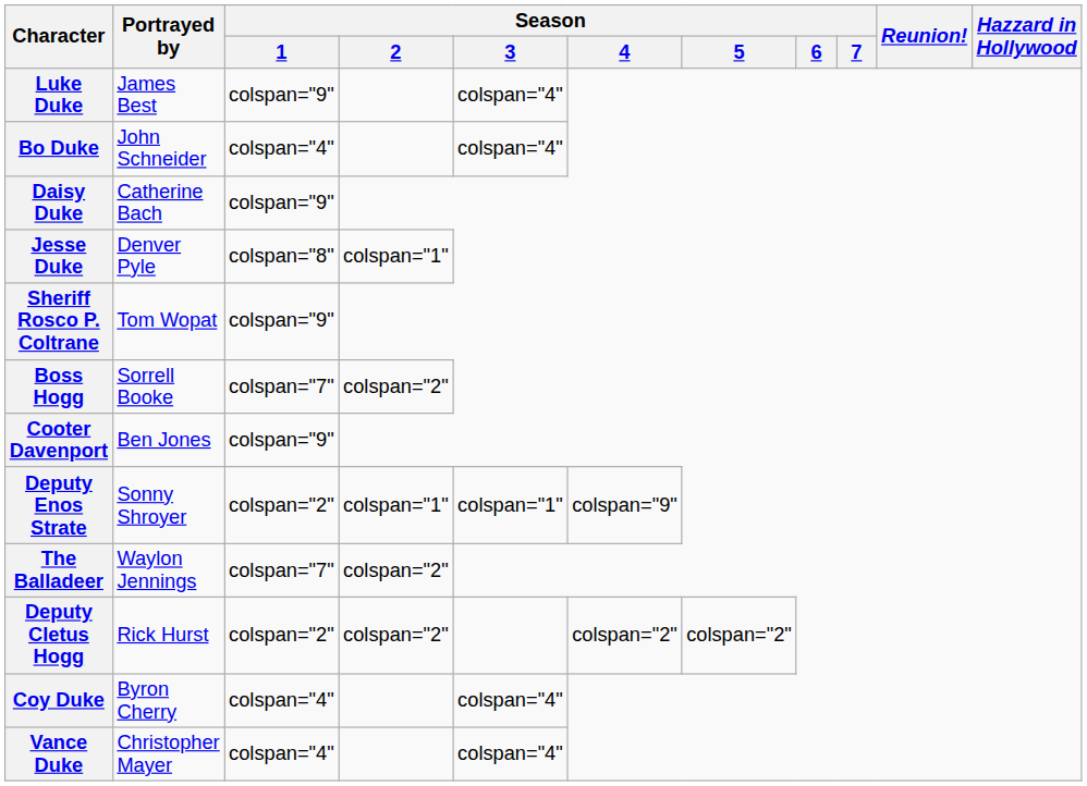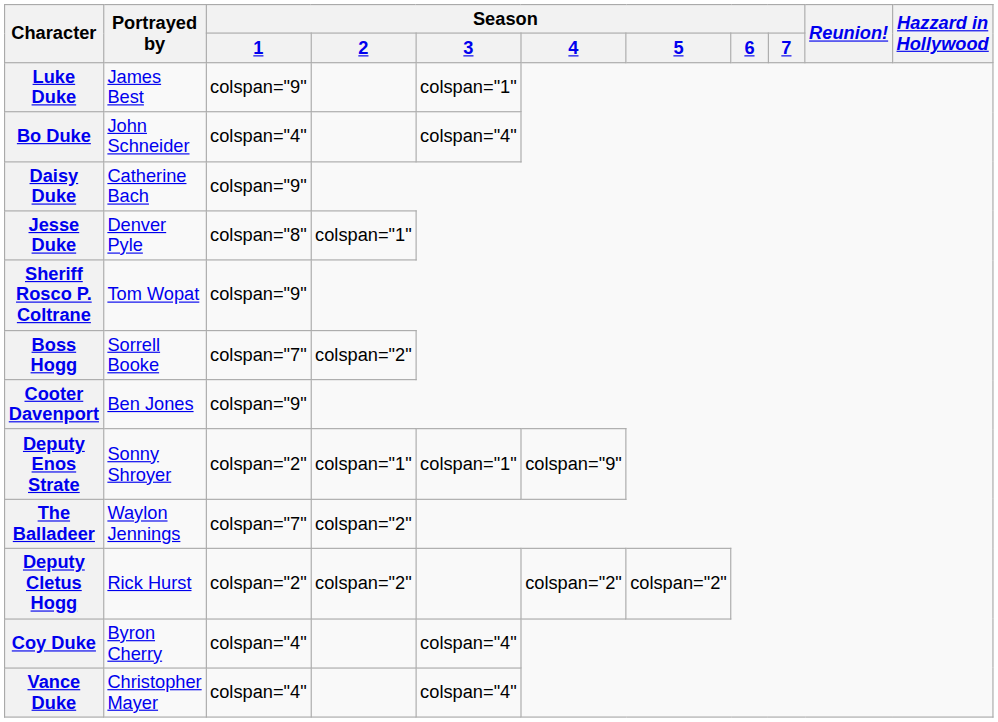 <table class="wikitable">
 <tr>
 <th rowspan="2">Character</th>
 <th rowspan="2">Portrayed by</th>
 <th colspan="7">Season</th>
 <th style="width:8%;" rowspan=2><em><a href='#'>Reunion!</a></em></th>
 <th style="width:8%;" rowspan=2><em><a href='#'>Hazzard in Hollywood</a></em></th>
 </tr>
 <tr>
 <th style="width:6%;"><a href='#'>1</a></th>
 <th style="width:6%;"><a href='#'>2</a></th>
 <th style="width:6%;"><a href='#'>3</a></th>
 <th style="width:6%;"><a href='#'>4</a></th>
 <th style="width:6%;"><a href='#'>5</a></th>
 <th style="width:6%;"><a href='#'>6</a></th>
 <th style="width:6%;"><a href='#'>7</a></th>
 </tr>
 <tr>
 <th><a href='#'>Luke Duke</a></th>
 <td><a href='#'>James Best</a></td>
 <td>colspan="9" </td>
 <td></td>
-<td>colspan="4" </td>
+<td>colspan="1" </td>
 </tr>
 <tr>
 <th><a href='#'>Bo Duke</a></th>
 <td><a href='#'>John Schneider</a></td>
 <td>colspan="4" </td>
 <td></td>
 <td>colspan="4" </td>
 </tr>
 <tr>
 <th><a href='#'>Daisy Duke</a></th>
 <td><a href='#'>Catherine Bach</a></td>
 <td>colspan="9" </td>
 </tr>
 <tr>
 <th><a href='#'>Jesse Duke</a></th>
 <td><a href='#'>Denver Pyle</a></td>
 <td>colspan="8" </td>
 <td>colspan="1" </td>
 </tr>
 <tr>
 <th><a href='#'>Sheriff Rosco P. Coltrane</a></th>
 <td><a href='#'>Tom Wopat</a></td>
 <td>colspan="9" </td>
 </tr>
 <tr>
 <th><a href='#'>Boss Hogg</a></th>
 <td><a href='#'>Sorrell Booke</a></td>
 <td>colspan="7" </td>
 <td>colspan="2" </td>
 </tr>
 <tr>
 <th><a href='#'>Cooter Davenport</a></th>
 <td><a href='#'>Ben Jones</a></td>
 <td>colspan="9" </td>
 </tr>
 <tr>
 <th><a href='#'>Deputy Enos Strate</a></th>
 <td><a href='#'>Sonny Shroyer</a></td>
 <td>colspan="2" </td>
 <td>colspan="1" </td>
 <td>colspan="1" </td>
 <td>colspan="9" </td>
 </tr>
 <tr>
 <th><a href='#'>The Balladeer</a></th>
 <td><a href='#'>Waylon Jennings</a></td>
 <td>colspan="7" </td>
 <td>colspan="2" </td>
 </tr>
 <tr>
 <th><a href='#'>Deputy Cletus Hogg</a></th>
 <td><a href='#'>Rick Hurst</a></td>
 <td>colspan="2" </td>
 <td>colspan="2" </td>
 <td></td>
 <td>colspan="2" </td>
 <td>colspan="2" </td>
 </tr>
 <tr>
 <th><a href='#'>Coy Duke</a></th>
 <td><a href='#'>Byron Cherry</a></td>
 <td>colspan="4" </td>
 <td></td>
 <td>colspan="4" </td>
 </tr>
 <tr>
 <th><a href='#'>Vance Duke</a></th>
 <td><a href='#'>Christopher Mayer</a></td>
 <td>colspan="4" </td>
 <td></td>
 <td>colspan="4" </td>
 </tr>
 </table>
